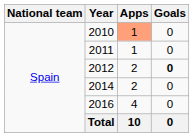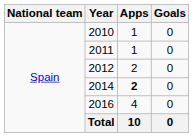 <table class="wikitable" style="text-align:center">
 <tr>
 <th>National team</th>
 <th>Year</th>
 <th>Apps</th>
 <th>Goals</th>
 </tr>
 <tr>
 <td rowspan="6"><a href='#'>Spain</a></td>
 <td>2010</td>
-<td style="background: lightsalmon;">1</td>
+<td>1</td>
 <td>0</td>
 </tr>
 <tr>
 <td>2011</td>
 <td>1</td>
 <td>0</td>
 </tr>
 <tr>
 <td>2012</td>
 <td>2</td>
-<td><strong>0</strong></td>
+<td>0</td>
 </tr>
 <tr>
 <td>2014</td>
-<td>2</td>
+<td><strong>2</strong></td>
 <td>0</td>
 </tr>
 <tr>
 <td>2016</td>
 <td>4</td>
 <td>0</td>
 </tr>
 <tr>
 <th>Total</th>
 <th>10</th>
 <th>0</th>
 </tr>
 </table>
